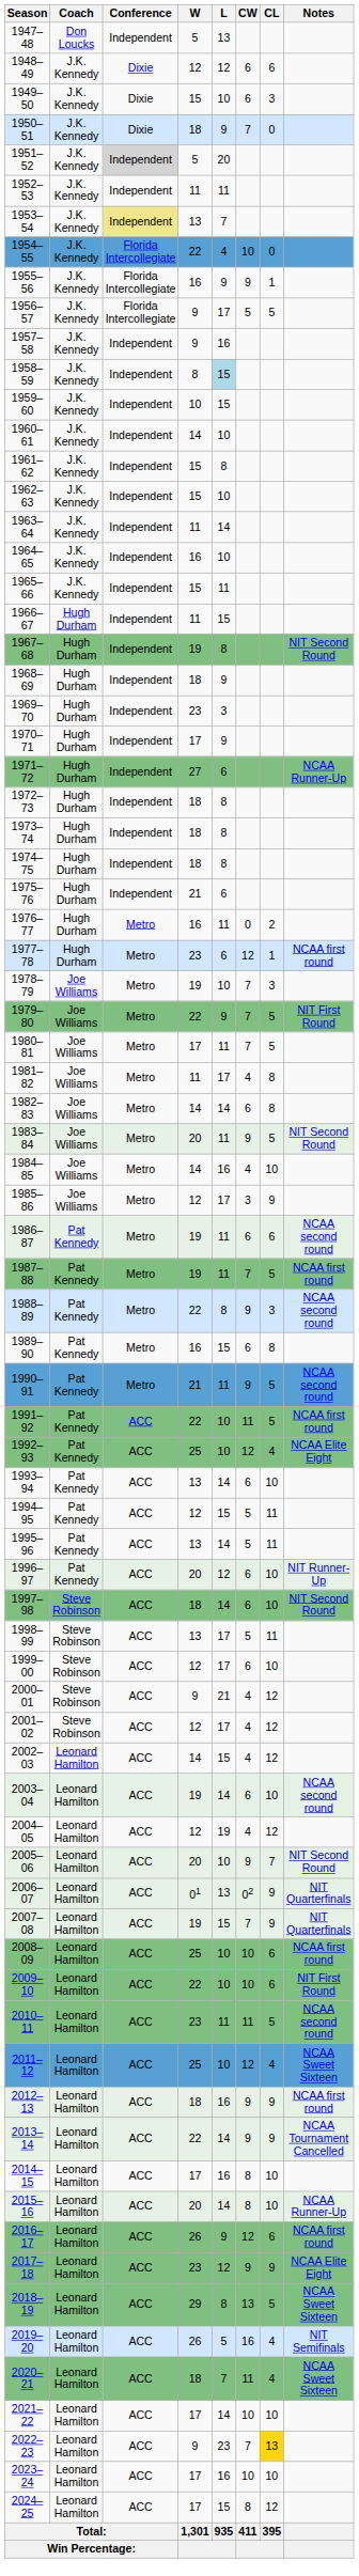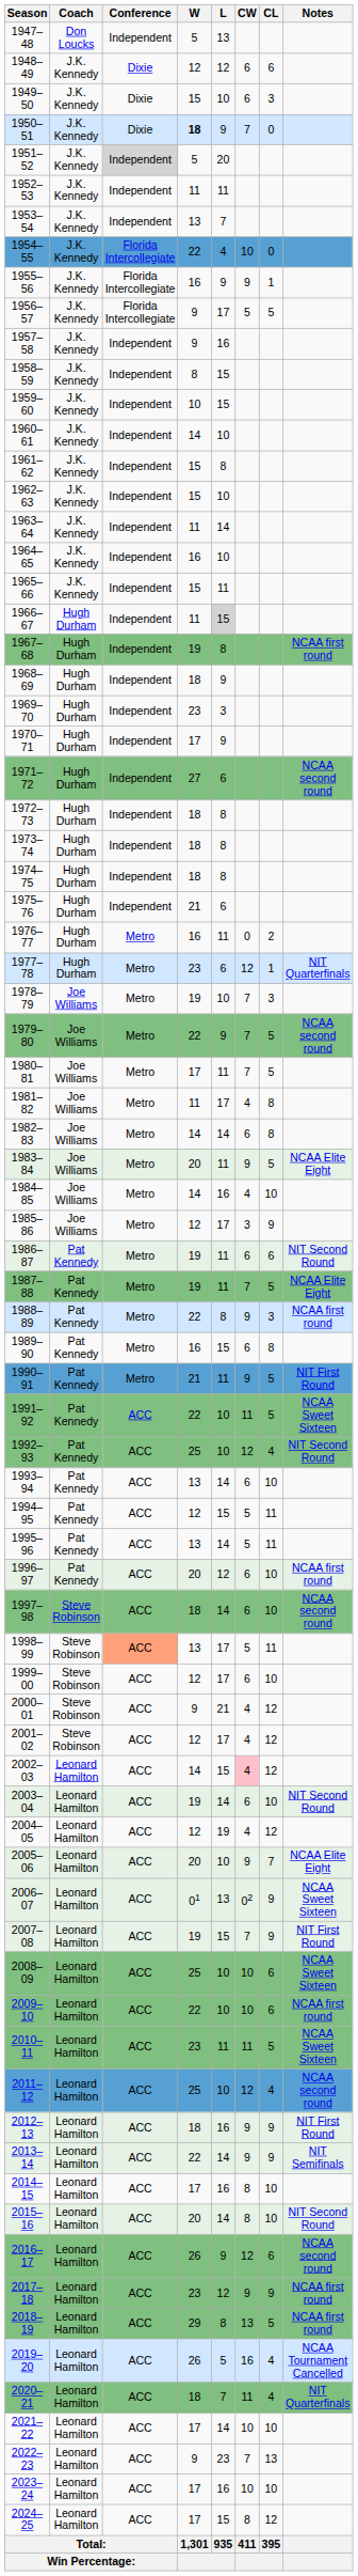 <table cellpadding="1" style="width:75%;" class="wikitable collapsible collapsed" style="text-align:center">
 <tr>
 <th>Season</th>
 <th>Coach</th>
 <th>Conference</th>
 <th>W</th>
 <th>L</th>
 <th>CW</th>
 <th>CL</th>
 <th>Notes</th>
 </tr>
 <tr style="text-align:center;">
 <td>1947–48</td>
 <td><a href='#'>Don Loucks</a></td>
 <td>Independent</td>
 <td>5</td>
 <td>13</td>
 <td> </td>
 <td> </td>
 <td> </td>
 </tr>
 <tr style="text-align:center;">
 <td>1948–49</td>
 <td>J.K. Kennedy</td>
 <td><a href='#'>Dixie</a></td>
 <td>12</td>
 <td>12</td>
 <td>6</td>
 <td>6</td>
 <td> </td>
 </tr>
 <tr style="text-align:center;">
 <td>1949–50</td>
 <td>J.K. Kennedy</td>
 <td>Dixie</td>
 <td>15</td>
 <td>10</td>
 <td>6</td>
 <td>3</td>
 <td> </td>
 </tr>
 <tr style="text-align:center; background:#d0e7ff;">
 <td>1950–51</td>
 <td>J.K. Kennedy</td>
 <td>Dixie</td>
-<td>18</td>
+<td><strong>18</strong></td>
 <td>9</td>
 <td>7</td>
 <td>0</td>
 <td> </td>
 </tr>
 <tr style="text-align:center;">
 <td>1951–52</td>
 <td>J.K. Kennedy</td>
 <td style="background: lightgrey;">Independent</td>
 <td>5</td>
 <td>20</td>
 <td> </td>
 <td> </td>
 <td> </td>
 </tr>
 <tr style="text-align:center;">
 <td>1952–53</td>
 <td>J.K. Kennedy</td>
 <td>Independent</td>
 <td>11</td>
 <td>11</td>
 <td> </td>
 <td> </td>
 <td> </td>
 </tr>
 <tr style="text-align:center;">
 <td>1953–54</td>
 <td>J.K. Kennedy</td>
-<td style="background: khaki;">Independent</td>
+<td>Independent</td>
 <td>13</td>
 <td>7</td>
 <td> </td>
 <td> </td>
 <td> </td>
 </tr>
 <tr style="text-align:center; background:#56A0D3;">
 <td>1954–55</td>
 <td>J.K. Kennedy</td>
 <td><a href='#'>Florida Intercollegiate</a></td>
 <td>22</td>
 <td>4</td>
 <td>10</td>
 <td>0</td>
 <td> </td>
 </tr>
 <tr style="text-align:center;">
 <td>1955–56</td>
 <td>J.K. Kennedy</td>
 <td>Florida Intercollegiate</td>
 <td>16</td>
 <td>9</td>
 <td>9</td>
 <td>1</td>
 <td> </td>
 </tr>
 <tr style="text-align:center;">
 <td>1956–57</td>
 <td>J.K. Kennedy</td>
 <td>Florida Intercollegiate</td>
 <td>9</td>
 <td>17</td>
 <td>5</td>
 <td>5</td>
 <td> </td>
 </tr>
 <tr style="text-align:center;">
 <td>1957–58</td>
 <td>J.K. Kennedy</td>
 <td>Independent</td>
 <td>9</td>
 <td>16</td>
 <td> </td>
 <td> </td>
 <td> </td>
 </tr>
 <tr style="text-align:center;">
 <td>1958–59</td>
 <td>J.K. Kennedy</td>
 <td>Independent</td>
 <td>8</td>
-<td style="background: lightblue;">15</td>
+<td>15</td>
 <td> </td>
 <td> </td>
 <td> </td>
 </tr>
 <tr style="text-align:center;">
 <td>1959–60</td>
 <td>J.K. Kennedy</td>
 <td>Independent</td>
 <td>10</td>
 <td>15</td>
 <td> </td>
 <td> </td>
 <td> </td>
 </tr>
 <tr style="text-align:center;">
 <td>1960–61</td>
 <td>J.K. Kennedy</td>
 <td>Independent</td>
 <td>14</td>
 <td>10</td>
 <td> </td>
 <td> </td>
 <td> </td>
 </tr>
 <tr style="text-align:center;">
 <td>1961–62</td>
 <td>J.K. Kennedy</td>
 <td>Independent</td>
 <td>15</td>
 <td>8</td>
 <td> </td>
 <td> </td>
 <td> </td>
 </tr>
 <tr style="text-align:center;">
 <td>1962–63</td>
 <td>J.K. Kennedy</td>
 <td>Independent</td>
 <td>15</td>
 <td>10</td>
 <td> </td>
 <td> </td>
 <td> </td>
 </tr>
 <tr style="text-align:center;">
 <td>1963–64</td>
 <td>J.K. Kennedy</td>
 <td>Independent</td>
 <td>11</td>
 <td>14</td>
 <td> </td>
 <td> </td>
 <td> </td>
 </tr>
 <tr style="text-align:center;">
 <td>1964–65</td>
 <td>J.K. Kennedy</td>
 <td>Independent</td>
 <td>16</td>
 <td>10</td>
 <td> </td>
 <td> </td>
 <td> </td>
 </tr>
 <tr style="text-align:center;">
 <td>1965–66</td>
 <td>J.K. Kennedy</td>
 <td>Independent</td>
 <td>15</td>
 <td>11</td>
 <td> </td>
 <td> </td>
 <td> </td>
 </tr>
 <tr style="text-align:center;">
 <td>1966–67</td>
 <td><a href='#'>Hugh Durham</a></td>
 <td>Independent</td>
 <td>11</td>
-<td>15</td>
+<td style="background: lightgrey;">15</td>
 <td> </td>
 <td> </td>
 <td> </td>
 </tr>
 <tr style="text-align:center; background:#7fbf7f;">
 <td>1967–68</td>
 <td>Hugh Durham</td>
 <td>Independent</td>
 <td>19</td>
 <td>8</td>
 <td> </td>
 <td> </td>
-<td><a href='#'>NIT Second Round</a></td>
+<td><a href='#'>NCAA first round</a></td>
 </tr>
 <tr style="text-align:center;">
 <td>1968–69</td>
 <td>Hugh Durham</td>
 <td>Independent</td>
 <td>18</td>
 <td>9</td>
 <td> </td>
 <td> </td>
 <td> </td>
 </tr>
 <tr style="text-align:center;">
 <td>1969–70</td>
 <td>Hugh Durham</td>
 <td>Independent</td>
 <td>23</td>
 <td>3</td>
 <td> </td>
 <td> </td>
 <td> </td>
 </tr>
 <tr style="text-align:center;">
 <td>1970–71</td>
 <td>Hugh Durham</td>
 <td>Independent</td>
 <td>17</td>
 <td>9</td>
 <td> </td>
 <td> </td>
 <td> </td>
 </tr>
 <tr style="text-align:center; background:#7fbf7f;">
 <td>1971–72</td>
 <td>Hugh Durham</td>
 <td>Independent</td>
 <td>27</td>
 <td>6</td>
 <td> </td>
 <td> </td>
-<td><a href='#'>NCAA Runner-Up</a></td>
+<td><a href='#'>NCAA second round</a></td>
 </tr>
 <tr style="text-align:center;">
 <td>1972–73</td>
 <td>Hugh Durham</td>
 <td>Independent</td>
 <td>18</td>
 <td>8</td>
 <td> </td>
 <td> </td>
 <td> </td>
 </tr>
 <tr style="text-align:center;">
 <td>1973–74</td>
 <td>Hugh Durham</td>
 <td>Independent</td>
 <td>18</td>
 <td>8</td>
 <td> </td>
 <td> </td>
 <td> </td>
 </tr>
 <tr style="text-align:center;">
 <td>1974–75</td>
 <td>Hugh Durham</td>
 <td>Independent</td>
 <td>18</td>
 <td>8</td>
 <td> </td>
 <td> </td>
 <td> </td>
 </tr>
 <tr style="text-align:center;">
 <td>1975–76</td>
 <td>Hugh Durham</td>
 <td>Independent</td>
 <td>21</td>
 <td>6</td>
 <td> </td>
 <td> </td>
 <td> </td>
 </tr>
 <tr style="text-align:center;">
 <td>1976–77</td>
 <td>Hugh Durham</td>
 <td><a href='#'>Metro</a></td>
 <td>16</td>
 <td>11</td>
 <td>0</td>
 <td>2</td>
 <td> </td>
 </tr>
 <tr style="text-align:center; background:#d0e7ff;">
 <td>1977–78</td>
 <td>Hugh Durham</td>
 <td>Metro</td>
 <td>23</td>
 <td>6</td>
 <td>12</td>
 <td>1</td>
-<td><a href='#'>NCAA first round</a></td>
+<td><a href='#'>NIT Quarterfinals</a></td>
 </tr>
 <tr style="text-align:center;">
 <td>1978–79</td>
 <td><a href='#'>Joe Williams</a></td>
 <td>Metro</td>
 <td>19</td>
 <td>10</td>
 <td>7</td>
 <td>3</td>
 <td> </td>
 </tr>
 <tr style="text-align:center; background:#7fbf7f;">
 <td>1979–80</td>
 <td>Joe Williams</td>
 <td>Metro</td>
 <td>22</td>
 <td>9</td>
 <td>7</td>
 <td>5</td>
-<td><a href='#'>NIT First Round</a></td>
+<td><a href='#'>NCAA second round</a></td>
 </tr>
 <tr style="text-align:center;">
 <td>1980–81</td>
 <td>Joe Williams</td>
 <td>Metro</td>
 <td>17</td>
 <td>11</td>
 <td>7</td>
 <td>5</td>
 <td> </td>
 </tr>
 <tr style="text-align:center;">
 <td>1981–82</td>
 <td>Joe Williams</td>
 <td>Metro</td>
 <td>11</td>
 <td>17</td>
 <td>4</td>
 <td>8</td>
 <td> </td>
 </tr>
 <tr style="text-align:center;">
 <td>1982–83</td>
 <td>Joe Williams</td>
 <td>Metro</td>
 <td>14</td>
 <td>14</td>
 <td>6</td>
 <td>8</td>
 <td> </td>
 </tr>
 <tr style="text-align:center; background:#e5f2e5;">
 <td>1983–84</td>
 <td>Joe Williams</td>
 <td>Metro</td>
 <td>20</td>
 <td>11</td>
 <td>9</td>
 <td>5</td>
-<td><a href='#'>NIT Second Round</a></td>
+<td><a href='#'>NCAA Elite Eight</a></td>
 </tr>
 <tr style="text-align:center;">
 <td>1984–85</td>
 <td>Joe Williams</td>
 <td>Metro</td>
 <td>14</td>
 <td>16</td>
 <td>4</td>
 <td>10</td>
 <td> </td>
 </tr>
 <tr style="text-align:center;">
 <td>1985–86</td>
 <td>Joe Williams</td>
 <td>Metro</td>
 <td>12</td>
 <td>17</td>
 <td>3</td>
 <td>9</td>
 <td> </td>
 </tr>
 <tr style="text-align:center; background:#e5f2e5;">
 <td>1986–87</td>
 <td><a href='#'>Pat Kennedy</a></td>
 <td>Metro</td>
 <td>19</td>
 <td>11</td>
 <td>6</td>
 <td>6</td>
-<td><a href='#'>NCAA second round</a></td>
+<td><a href='#'>NIT Second Round</a></td>
 </tr>
 <tr style="text-align:center; background:#7fbf7f;">
 <td>1987–88</td>
 <td>Pat Kennedy</td>
 <td>Metro</td>
 <td>19</td>
 <td>11</td>
 <td>7</td>
 <td>5</td>
-<td><a href='#'>NCAA first round</a></td>
+<td><a href='#'>NCAA Elite Eight</a></td>
 </tr>
 <tr style="text-align:center; background:#d0e7ff;">
 <td>1988–89</td>
 <td>Pat Kennedy</td>
 <td>Metro</td>
 <td>22</td>
 <td>8</td>
 <td>9</td>
 <td>3</td>
-<td><a href='#'>NCAA second round</a></td>
+<td><a href='#'>NCAA first round</a></td>
 </tr>
 <tr style="text-align:center;">
 <td>1989–90</td>
 <td>Pat Kennedy</td>
 <td>Metro</td>
 <td>16</td>
 <td>15</td>
 <td>6</td>
 <td>8</td>
 <td> </td>
 </tr>
 <tr style="text-align:center; background:#56A0D3;">
 <td>1990–91</td>
 <td>Pat Kennedy</td>
 <td>Metro</td>
 <td>21</td>
 <td>11</td>
 <td>9</td>
 <td>5</td>
-<td><a href='#'>NCAA second round</a></td>
+<td><a href='#'>NIT First Round</a></td>
 </tr>
 <tr style="text-align:center; background:#7fbf7f;">
 <td>1991–92</td>
 <td>Pat Kennedy</td>
 <td><a href='#'>ACC</a></td>
 <td>22</td>
 <td>10</td>
 <td>11</td>
 <td>5</td>
-<td><a href='#'>NCAA first round</a></td>
+<td><a href='#'>NCAA Sweet Sixteen</a></td>
 </tr>
 <tr style="text-align:center; background:#7fbf7f;">
 <td>1992–93</td>
 <td>Pat Kennedy</td>
 <td>ACC</td>
 <td>25</td>
 <td>10</td>
 <td>12</td>
 <td>4</td>
-<td><a href='#'>NCAA Elite Eight</a></td>
+<td><a href='#'>NIT Second Round</a></td>
 </tr>
 <tr style="text-align:center;">
 <td>1993–94</td>
 <td>Pat Kennedy</td>
 <td>ACC</td>
 <td>13</td>
 <td>14</td>
 <td>6</td>
 <td>10</td>
 <td> </td>
 </tr>
 <tr style="text-align:center;">
 <td>1994–95</td>
 <td>Pat Kennedy</td>
 <td>ACC</td>
 <td>12</td>
 <td>15</td>
 <td>5</td>
 <td>11</td>
 <td> </td>
 </tr>
 <tr style="text-align:center;">
 <td>1995–96</td>
 <td>Pat Kennedy</td>
 <td>ACC</td>
 <td>13</td>
 <td>14</td>
 <td>5</td>
 <td>11</td>
 <td> </td>
 </tr>
 <tr style="text-align:center; background:#e5f2e5;">
 <td>1996–97</td>
 <td>Pat Kennedy</td>
 <td>ACC</td>
 <td>20</td>
 <td>12</td>
 <td>6</td>
 <td>10</td>
-<td><a href='#'>NIT Runner-Up</a></td>
+<td><a href='#'>NCAA first round</a></td>
 </tr>
 <tr style="text-align:center; background:#7fbf7f;">
 <td>1997–98</td>
 <td><a href='#'>Steve Robinson</a></td>
 <td>ACC</td>
 <td>18</td>
 <td>14</td>
 <td>6</td>
 <td>10</td>
-<td><a href='#'>NIT Second Round</a></td>
+<td><a href='#'>NCAA second round</a></td>
 </tr>
 <tr style="text-align:center;">
 <td>1998–99</td>
 <td>Steve Robinson</td>
-<td>ACC</td>
+<td style="background: lightsalmon;">ACC</td>
 <td>13</td>
 <td>17</td>
 <td>5</td>
 <td>11</td>
 <td> </td>
 </tr>
 <tr style="text-align:center;">
 <td>1999–00</td>
 <td>Steve Robinson</td>
 <td>ACC</td>
 <td>12</td>
 <td>17</td>
 <td>6</td>
 <td>10</td>
 <td> </td>
 </tr>
 <tr style="text-align:center;">
 <td>2000–01</td>
 <td>Steve Robinson</td>
 <td>ACC</td>
 <td>9</td>
 <td>21</td>
 <td>4</td>
 <td>12</td>
 <td> </td>
 </tr>
 <tr style="text-align:center;">
 <td>2001–02</td>
 <td>Steve Robinson</td>
 <td>ACC</td>
 <td>12</td>
 <td>17</td>
 <td>4</td>
 <td>12</td>
 <td> </td>
 </tr>
 <tr style="text-align:center;">
 <td>2002–03</td>
 <td><a href='#'>Leonard Hamilton</a></td>
 <td>ACC</td>
 <td>14</td>
 <td>15</td>
-<td>4</td>
+<td style="background: pink;">4</td>
 <td>12</td>
 <td> </td>
 </tr>
 <tr style="text-align:center; background:#e5f2e5;">
 <td>2003–04</td>
 <td>Leonard Hamilton</td>
 <td>ACC</td>
 <td>19</td>
 <td>14</td>
 <td>6</td>
 <td>10</td>
-<td><a href='#'>NCAA second round</a></td>
+<td><a href='#'>NIT Second Round</a></td>
 </tr>
 <tr style="text-align:center;">
 <td>2004–05</td>
 <td>Leonard Hamilton</td>
 <td>ACC</td>
 <td>12</td>
 <td>19</td>
 <td>4</td>
 <td>12</td>
 <td> </td>
 </tr>
 <tr style="text-align:center; background:#e5f2e5;">
 <td>2005–06</td>
 <td>Leonard Hamilton</td>
 <td>ACC</td>
 <td>20</td>
 <td>10</td>
 <td>9</td>
 <td>7</td>
-<td><a href='#'>NIT Second Round</a></td>
+<td><a href='#'>NCAA Elite Eight</a></td>
 </tr>
 <tr style="text-align:center; background:#e5f2e5;">
 <td>2006–07</td>
 <td>Leonard Hamilton</td>
 <td>ACC</td>
 <td>0<sup>1</sup></td>
 <td>13</td>
 <td>0<sup>2</sup></td>
 <td>9</td>
-<td><a href='#'>NIT Quarterfinals</a></td>
+<td><a href='#'>NCAA Sweet Sixteen</a></td>
 </tr>
 <tr style="text-align:center; background:#e5f2e5;">
 <td>2007–08</td>
 <td>Leonard Hamilton</td>
 <td>ACC</td>
 <td>19</td>
 <td>15</td>
 <td>7</td>
 <td>9</td>
-<td><a href='#'>NIT Quarterfinals</a></td>
+<td><a href='#'>NIT First Round</a></td>
 </tr>
 <tr style="text-align:center; background:#7fbf7f;">
 <td>2008–09</td>
 <td>Leonard Hamilton</td>
 <td>ACC</td>
 <td>25</td>
 <td>10</td>
 <td>10</td>
 <td>6</td>
-<td><a href='#'>NCAA first round</a></td>
+<td><a href='#'>NCAA Sweet Sixteen</a></td>
 </tr>
 <tr style="text-align:center; background:#7fbf7f;">
 <td><a href='#'>2009–10</a></td>
 <td>Leonard Hamilton</td>
 <td>ACC</td>
 <td>22</td>
 <td>10</td>
 <td>10</td>
 <td>6</td>
-<td><a href='#'>NIT First Round</a></td>
+<td><a href='#'>NCAA first round</a></td>
 </tr>
 <tr style="text-align:center; background:#7fbf7f;">
 <td><a href='#'>2010–11</a></td>
 <td>Leonard Hamilton</td>
 <td>ACC</td>
 <td>23</td>
 <td>11</td>
 <td>11</td>
 <td>5</td>
-<td><a href='#'>NCAA second round</a></td>
+<td><a href='#'>NCAA Sweet Sixteen</a></td>
 </tr>
 <tr style="text-align:center; background:#56A0D3;">
 <td><a href='#'>2011–12</a></td>
 <td>Leonard Hamilton</td>
 <td>ACC</td>
 <td>25</td>
 <td>10</td>
 <td>12</td>
 <td>4</td>
-<td><a href='#'>NCAA Sweet Sixteen</a></td>
+<td><a href='#'>NCAA second round</a></td>
 </tr>
 <tr style="text-align:center; background:#e5f2e5;">
 <td><a href='#'>2012–13</a></td>
 <td>Leonard Hamilton</td>
 <td>ACC</td>
 <td>18</td>
 <td>16</td>
 <td>9</td>
 <td>9</td>
-<td><a href='#'>NCAA first round</a></td>
+<td><a href='#'>NIT First Round</a></td>
 </tr>
 <tr style="text-align:center; background:#e5f2e5;">
 <td><a href='#'>2013–14</a></td>
 <td>Leonard Hamilton</td>
 <td>ACC</td>
 <td>22</td>
 <td>14</td>
 <td>9</td>
 <td>9</td>
-<td><a href='#'>NCAA Tournament Cancelled</a></td>
+<td><a href='#'>NIT Semifinals</a></td>
 </tr>
 <tr style="text-align:center;">
 <td><a href='#'>2014–15</a></td>
 <td>Leonard Hamilton</td>
 <td>ACC</td>
 <td>17</td>
 <td>16</td>
 <td>8</td>
 <td>10</td>
 <td></td>
 </tr>
 <tr style="text-align:center; background:#e5f2e5;">
 <td><a href='#'>2015–16</a></td>
 <td>Leonard Hamilton</td>
 <td>ACC</td>
 <td>20</td>
 <td>14</td>
 <td>8</td>
 <td>10</td>
-<td><a href='#'>NCAA Runner-Up</a></td>
+<td><a href='#'>NIT Second Round</a></td>
 </tr>
 <tr style="text-align:center; background:#7fbf7f;">
 <td><a href='#'>2016–17</a></td>
 <td>Leonard Hamilton</td>
 <td>ACC</td>
 <td>26</td>
 <td>9</td>
 <td>12</td>
 <td>6</td>
-<td><a href='#'>NCAA first round</a></td>
+<td><a href='#'>NCAA second round</a></td>
 </tr>
 <tr style="text-align:center; background:#7fbf7f;">
 <td><a href='#'>2017–18</a></td>
 <td>Leonard Hamilton</td>
 <td>ACC</td>
 <td>23</td>
 <td>12</td>
 <td>9</td>
 <td>9</td>
-<td><a href='#'>NCAA Elite Eight</a></td>
+<td><a href='#'>NCAA first round</a></td>
 </tr>
 <tr style="text-align:center; background:#7fbf7f;">
 <td><a href='#'>2018–19</a></td>
 <td>Leonard Hamilton</td>
 <td>ACC</td>
 <td>29</td>
 <td>8</td>
 <td>13</td>
 <td>5</td>
-<td><a href='#'>NCAA Sweet Sixteen</a></td>
+<td><a href='#'>NCAA first round</a></td>
 </tr>
 <tr style="text-align:center;background:#d0e7ff;">
 <td><a href='#'>2019–20</a></td>
 <td>Leonard Hamilton</td>
 <td>ACC</td>
 <td>26</td>
 <td>5</td>
 <td>16</td>
 <td>4</td>
-<td><a href='#'>NIT Semifinals</a></td>
+<td><a href='#'>NCAA Tournament Cancelled</a></td>
 </tr>
 <tr style="text-align:center; background:#7fbf7f;">
 <td><a href='#'>2020–21</a></td>
 <td>Leonard Hamilton</td>
 <td>ACC</td>
 <td>18</td>
 <td>7</td>
 <td>11</td>
 <td>4</td>
-<td><a href='#'>NCAA Sweet Sixteen</a></td>
+<td><a href='#'>NIT Quarterfinals</a></td>
 </tr>
 <tr style="text-align:center;">
 <td><a href='#'>2021–22</a></td>
 <td>Leonard Hamilton</td>
 <td>ACC</td>
 <td>17</td>
 <td>14</td>
 <td>10</td>
 <td>10</td>
 <td></td>
 </tr>
 <tr style="text-align:center;">
 <td><a href='#'>2022–23</a></td>
 <td>Leonard Hamilton</td>
 <td>ACC</td>
 <td>9</td>
 <td>23</td>
 <td>7</td>
-<td style="background: gold;">13</td>
+<td>13</td>
 <td></td>
 </tr>
 <tr style="text-align:center;">
 <td><a href='#'>2023–24</a></td>
 <td>Leonard Hamilton</td>
 <td>ACC</td>
 <td>17</td>
 <td>16</td>
 <td>10</td>
 <td>10</td>
 <td></td>
 </tr>
 <tr style="text-align:center;">
 <td><a href='#'>2024–25</a></td>
 <td>Leonard Hamilton</td>
 <td>ACC</td>
 <td>17</td>
 <td>15</td>
 <td>8</td>
 <td>12</td>
 <td></td>
 </tr>
 <tr style="text-align:center;" class="sortbottom">
 <th colspan="3;">Total:</th>
 <th colspan="1;">1,301</th>
 <th colspan="1;">935</th>
 <th colspan="1;">411</th>
 <th colspan="1;">395</th>
 <th colspan="1;"> </th>
 </tr>
 <tr style="text-align:center;" class="sortbottom">
 <th colspan="3;">Win Percentage:</th>
 <th colspan="2;"><strong></strong></th>
 <th colspan="2;"><strong></strong></th>
 <th colspan="1;"> </th>
 </tr>
 </table>
